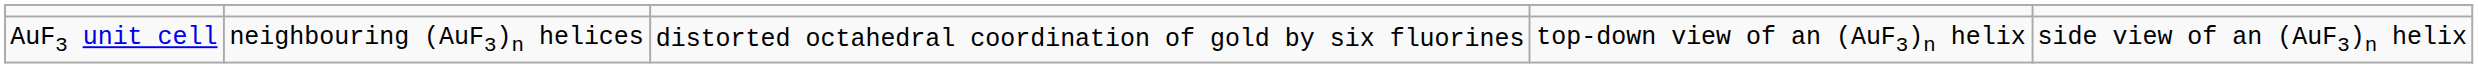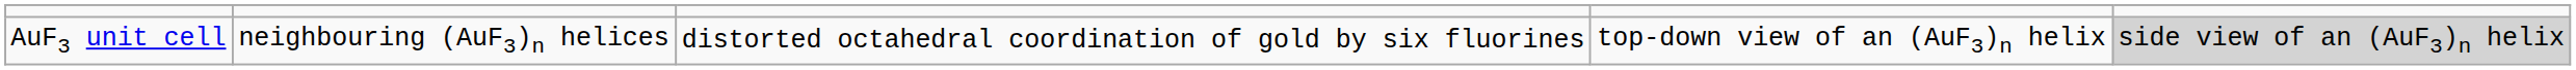 <table class="wikitable" style="margin:1em auto; text-align:center;">
 <tr>
 <td></td>
 <td></td>
 <td></td>
 <td></td>
 <td></td>
 </tr>
 <tr>
 <td>AuF<sub>3</sub> <a href='#'>unit cell</a></td>
 <td>neighbouring (AuF<sub>3</sub>)<sub>n</sub> helices</td>
 <td>distorted octahedral coordination of gold by six fluorines</td>
 <td>top-down view of an (AuF<sub>3</sub>)<sub>n</sub> helix</td>
-<td>side view of an (AuF<sub>3</sub>)<sub>n</sub> helix</td>
+<td style="background: lightgrey;">side view of an (AuF<sub>3</sub>)<sub>n</sub> helix</td>
 </tr>
 </table>
